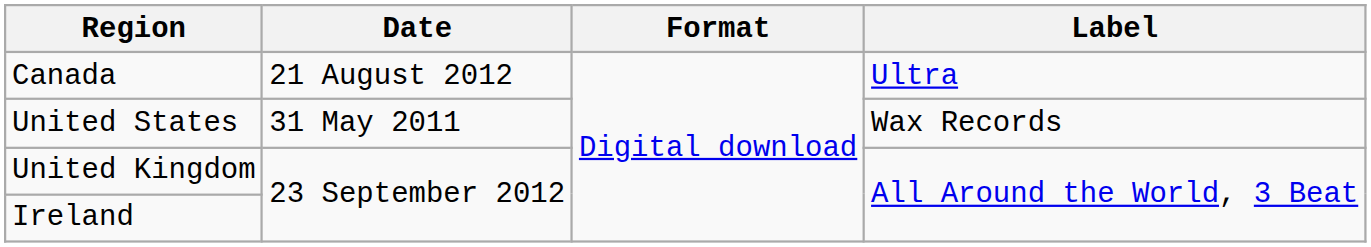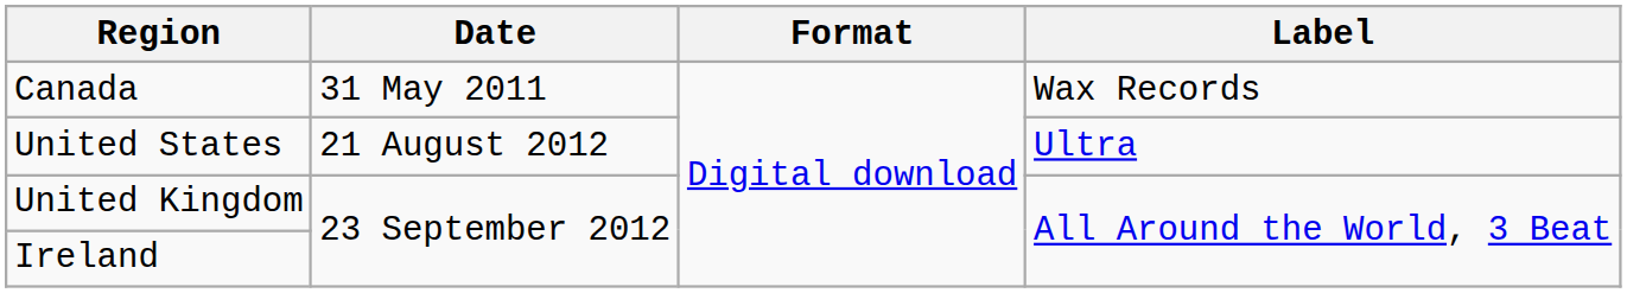 <table class=wikitable>
 <tr>
 <th>Region</th>
 <th>Date</th>
 <th>Format</th>
 <th>Label</th>
 </tr>
 <tr>
 <td>Canada</td>
-<td>21 August 2012</td>
+<td>31 May 2011</td>
 <td rowspan=4><a href='#'>Digital download</a></td>
-<td><a href='#'>Ultra</a></td>
+<td>Wax Records</td>
 </tr>
 <tr>
 <td>United States</td>
-<td>31 May 2011</td>
-<td>Wax Records</td>
+<td>21 August 2012</td>
+<td><a href='#'>Ultra</a></td>
 </tr>
 <tr>
 <td>United Kingdom</td>
 <td rowspan=2>23 September 2012</td>
 <td rowspan=2><a href='#'>All Around the World</a>, <a href='#'>3 Beat</a></td>
 </tr>
 <tr>
 <td>Ireland</td>
 </tr>
 </table>
